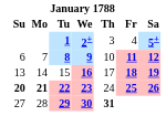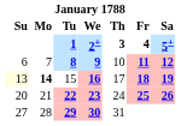 <table class="toccolours" style="text-align:right;float:left;width:14em;margin-right:1em;" cellpadding=2 cellspacing=0>
 <tr class="calendar-purple">
 <td></td>
 <th colspan="5" style="text-align: center;">January 1788</th>
 <td></td>
 </tr>
 <tr class="calendar-purple" style="border: none;">
 <th scope="col" width="14.2857%" title="Sunday">Su</th>
 <th scope="col" width="14.2857%" title="Monday">Mo</th>
 <th scope="col" width="14.2857%" title="Tuesday">Tu</th>
 <th scope="col" width="14.2857%" title="Wednesday">We</th>
 <th scope="col" width="14.2857%" title="Thursday">Th</th>
 <th scope="col" width="14.2857%" title="Friday">Fr</th>
 <th scope="col" width="14.2857%" title="Saturday">Sa</th>
 </tr>
 <tr>
 </tr>
 <tr>
 <td></td>
 <td></td>
 <td style="background-color:#BFE4FF"><strong><a href='#'>1</a></strong></td>
 <td style="background-color:#BFE4FF"><strong><a href='#'>2</a></strong><sup><strong><a href='#'>+</a></strong></sup></td>
-<td>3</td>
-<td>4</td>
+<td><strong>3</strong></td>
+<td><strong>4</strong></td>
 <td style="background-color:#BFE4FF"><strong><a href='#'>5</a></strong><sup><strong><a href='#'>+</a></strong></sup></td>
 </tr>
 <tr>
 <td>6</td>
 <td>7</td>
 <td style="background-color:#BFE4FF"><strong><a href='#'>8</a></strong></td>
 <td style="background-color:#BFE4FF"><strong><a href='#'>9</a></strong></td>
 <td>10</td>
 <td style="background-color:#FFBFBF"><strong><a href='#'>11</a></strong></td>
 <td style="background-color:#FFBFBF"><strong><a href='#'>12</a></strong></td>
 </tr>
 <tr>
-<td>13</td>
-<td>14</td>
+<td style="background: lightyellow;">13</td>
+<td><strong>14</strong></td>
 <td>15</td>
 <td style="background-color:#FFBFBF"><strong><a href='#'>16</a></strong></td>
 <td>17</td>
 <td style="background-color:#FFBFBF"><strong><a href='#'>18</a></strong></td>
 <td style="background-color:#FFBFBF"><strong><a href='#'>19</a></strong></td>
 </tr>
 <tr>
-<td><strong>20</strong></td>
-<td><strong>21</strong></td>
+<td>20</td>
+<td>21</td>
 <td style="background-color:#FFBFBF"><strong><a href='#'>22</a></strong></td>
 <td style="background-color:#FFBFBF"><strong><a href='#'>23</a></strong></td>
 <td>24</td>
 <td style="background-color:#FFBFBF"><strong><a href='#'>25</a></strong></td>
 <td style="background-color:#FFBFBF"><strong><a href='#'>26</a></strong></td>
 </tr>
 <tr>
 <td>27</td>
 <td>28</td>
 <td style="background-color:#FFBFBF"><strong><a href='#'>29</a></strong></td>
 <td style="background-color:#FFBFBF"><strong><a href='#'>30</a></strong></td>
-<td><strong>31</strong></td>
+<td>31</td>
 <td colspan=2> </td>
 </tr>
 <tr>
 <td colspan=7> </td>
 </tr>
 <tr class="calendar-purple">
 </tr>
 <tr class="calendar-purple">
 </tr>
 </table>
